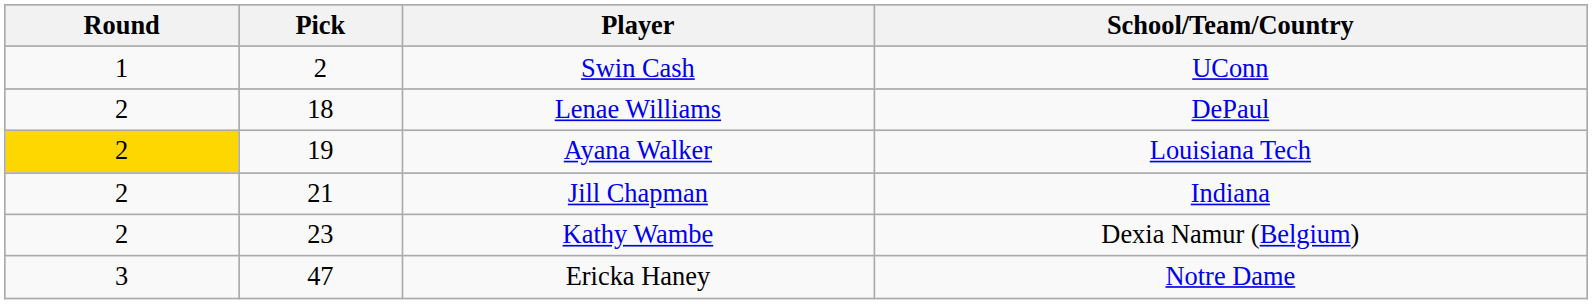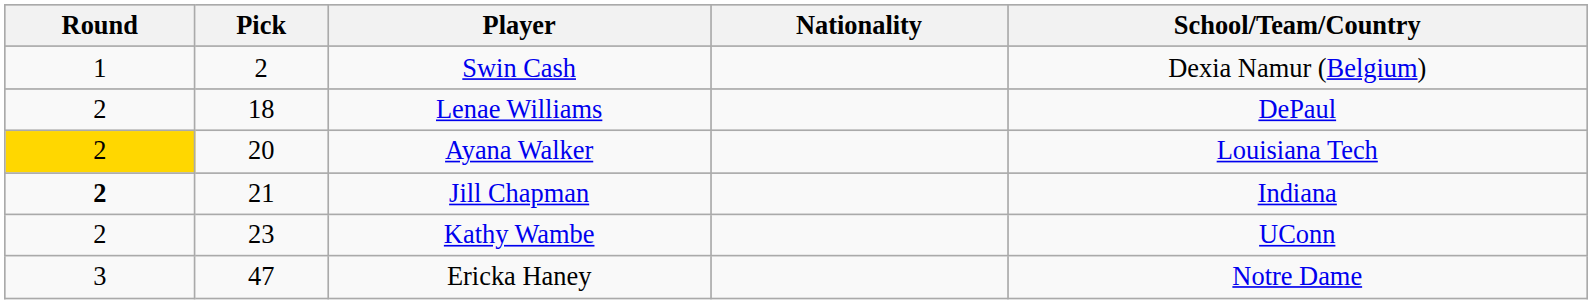 <table class="wikitable" style="text-align:center; width:60em">
 <tr>
 <th>Round</th>
 <th>Pick</th>
 <th>Player</th>
+<th>Nationality</th>
 <th>School/Team/Country</th>
 </tr>
 <tr>
 <td>1</td>
 <td>2</td>
 <td><a href='#'>Swin Cash</a></td>
-<td><a href='#'>UConn</a></td>
+<td></td>
+<td>Dexia Namur (<a href='#'>Belgium</a>)</td>
 </tr>
 <tr>
 <td>2</td>
 <td>18</td>
 <td><a href='#'>Lenae Williams</a></td>
+<td></td>
 <td><a href='#'>DePaul</a></td>
 </tr>
 <tr>
 <td style="background: gold;">2</td>
-<td>19</td>
+<td>20</td>
 <td><a href='#'>Ayana Walker</a></td>
+<td></td>
 <td><a href='#'>Louisiana Tech</a></td>
 </tr>
 <tr>
-<td>2</td>
+<td><strong>2</strong></td>
 <td>21</td>
 <td><a href='#'>Jill Chapman</a></td>
+<td></td>
 <td><a href='#'>Indiana</a></td>
 </tr>
 <tr>
 <td>2</td>
 <td>23</td>
 <td><a href='#'>Kathy Wambe</a></td>
-<td>Dexia Namur (<a href='#'>Belgium</a>)</td>
+<td></td>
+<td><a href='#'>UConn</a></td>
 </tr>
 <tr>
 <td>3</td>
 <td>47</td>
 <td>Ericka Haney</td>
+<td></td>
 <td><a href='#'>Notre Dame</a></td>
 </tr>
 </table>
